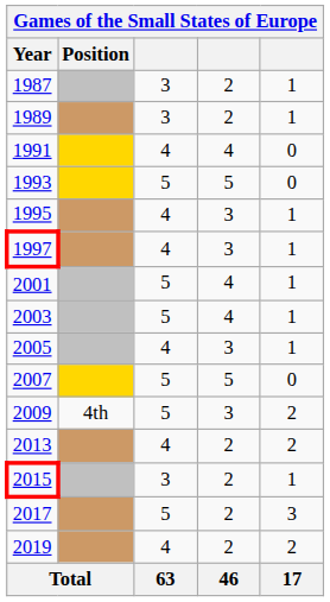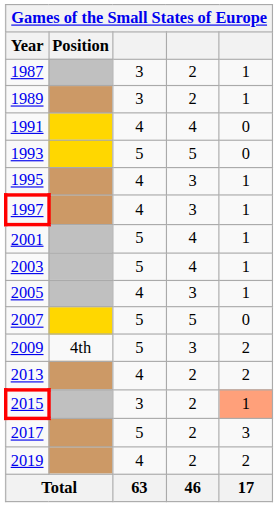 <table class="wikitable" style="text-align: center;font-size:90%;">
 <tr>
 <th colspan=5><a href='#'>Games of the Small States of Europe</a></th>
 </tr>
 <tr>
 <th>Year</th>
 <th>Position</th>
 <th width=40></th>
 <th width=40></th>
 <th width=40></th>
 </tr>
 <tr>
 <td> <a href='#'>1987</a></td>
 <td bgcolor=silver></td>
 <td>3</td>
 <td>2</td>
 <td>1</td>
 </tr>
 <tr>
 <td> <a href='#'>1989</a></td>
 <td bgcolor=#cc9966></td>
 <td>3</td>
 <td>2</td>
 <td>1</td>
 </tr>
 <tr>
 <td> <a href='#'>1991</a></td>
 <td bgcolor=gold></td>
 <td>4</td>
 <td>4</td>
 <td>0</td>
 </tr>
 <tr>
 <td> <a href='#'>1993</a></td>
 <td bgcolor=gold></td>
 <td>5</td>
 <td>5</td>
 <td>0</td>
 </tr>
 <tr>
 <td> <a href='#'>1995</a></td>
 <td bgcolor=#cc9966></td>
 <td>4</td>
 <td>3</td>
 <td>1</td>
 </tr>
 <tr>
 <td style="border: 3px solid red"> <a href='#'>1997</a></td>
 <td bgcolor=#cc9966></td>
 <td>4</td>
 <td>3</td>
 <td>1</td>
 </tr>
 <tr>
 <td> <a href='#'>2001</a></td>
 <td bgcolor=silver></td>
 <td>5</td>
 <td>4</td>
 <td>1</td>
 </tr>
 <tr>
 <td> <a href='#'>2003</a></td>
 <td bgcolor=silver></td>
 <td>5</td>
 <td>4</td>
 <td>1</td>
 </tr>
 <tr>
 <td> <a href='#'>2005</a></td>
 <td bgcolor=silver></td>
 <td>4</td>
 <td>3</td>
 <td>1</td>
 </tr>
 <tr>
 <td> <a href='#'>2007</a></td>
 <td bgcolor=gold></td>
 <td>5</td>
 <td>5</td>
 <td>0</td>
 </tr>
 <tr>
 <td> <a href='#'>2009</a></td>
 <td>4th</td>
 <td>5</td>
 <td>3</td>
 <td>2</td>
 </tr>
 <tr>
 <td> <a href='#'>2013</a></td>
 <td bgcolor=#cc9966></td>
 <td>4</td>
 <td>2</td>
 <td>2</td>
 </tr>
 <tr>
 <td style="border: 3px solid red"> <a href='#'>2015</a></td>
 <td bgcolor=silver></td>
 <td>3</td>
 <td>2</td>
-<td>1</td>
+<td style="background: lightsalmon;">1</td>
 </tr>
 <tr>
 <td> <a href='#'>2017</a></td>
 <td bgcolor=#cc9966></td>
 <td>5</td>
 <td>2</td>
 <td>3</td>
 </tr>
 <tr>
 <td> <a href='#'>2019</a></td>
 <td bgcolor=#cc9966></td>
 <td>4</td>
 <td>2</td>
 <td>2</td>
 </tr>
 <tr>
 <th colspan=2>Total</th>
 <th>63</th>
 <th>46</th>
 <th>17</th>
 </tr>
 </table>
